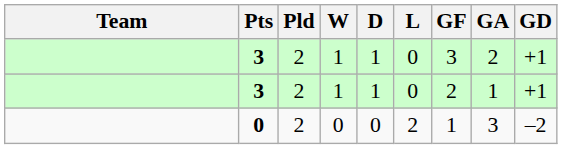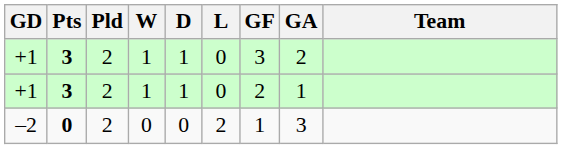 <table class=wikitable style="text-align:center">
 <tr>
-<th width=165>Team</th>
+<th width=20>GD</th>
 <th width=20>Pts</th>
 <th width=20>Pld</th>
 <th width=20>W</th>
 <th width=20>D</th>
 <th width=20>L</th>
 <th width=20>GF</th>
 <th width=20>GA</th>
-<th width=20>GD</th>
+<th width=165>Team</th>
 </tr>
 <tr align=center style="background:#ccffcc;">
-<td style="text-align:left;"></td>
+<td>+1</td>
 <td><strong>3</strong></td>
 <td>2</td>
 <td>1</td>
 <td>1</td>
 <td>0</td>
 <td>3</td>
 <td>2</td>
-<td>+1</td>
+<td style="text-align:left;"></td>
 </tr>
 <tr align=center style="background:#ccffcc;">
-<td style="text-align:left;"></td>
+<td>+1</td>
 <td><strong>3</strong></td>
 <td>2</td>
 <td>1</td>
 <td>1</td>
 <td>0</td>
 <td>2</td>
 <td>1</td>
-<td>+1</td>
+<td style="text-align:left;"></td>
 </tr>
 <tr align=center>
-<td style="text-align:left;"></td>
+<td>–2</td>
 <td><strong>0</strong></td>
 <td>2</td>
 <td>0</td>
 <td>0</td>
 <td>2</td>
 <td>1</td>
 <td>3</td>
-<td>–2</td>
+<td style="text-align:left;"></td>
 </tr>
 </table>
